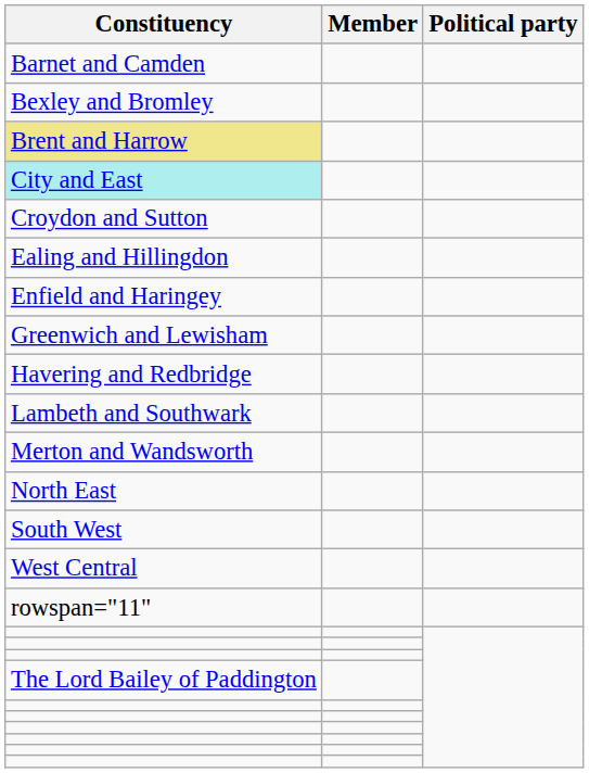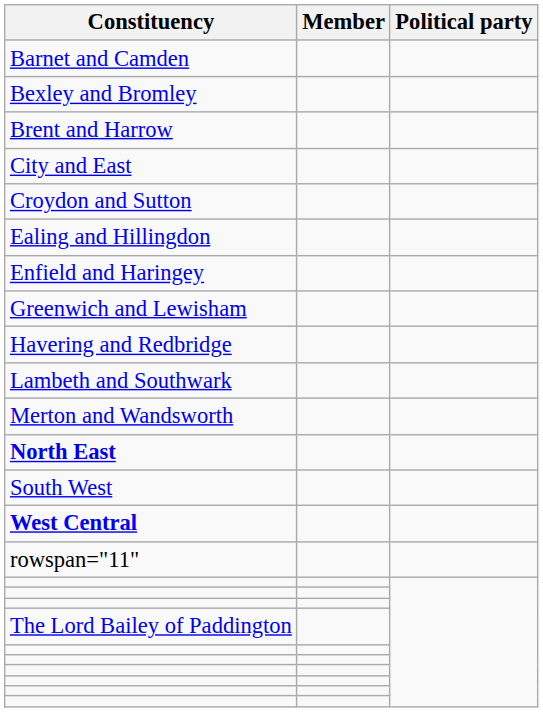 <table class="wikitable sortable">
 <tr>
 <th>Constituency</th>
 <th>Member</th>
 <th colspan="2">Political party</th>
 </tr>
 <tr>
 <td><a href='#'>Barnet and Camden</a></td>
 <td></td>
 <td></td>
 </tr>
 <tr>
 <td><a href='#'>Bexley and Bromley</a></td>
 <td></td>
 <td></td>
 </tr>
 <tr>
-<td style="background: khaki;"><a href='#'>Brent and Harrow</a></td>
+<td><a href='#'>Brent and Harrow</a></td>
 <td></td>
 <td></td>
 </tr>
 <tr>
-<td style="background: paleturquoise;"><a href='#'>City and East</a></td>
+<td><a href='#'>City and East</a></td>
 <td></td>
 <td></td>
 </tr>
 <tr>
 <td><a href='#'>Croydon and Sutton</a></td>
 <td></td>
 <td></td>
 </tr>
 <tr>
 <td><a href='#'>Ealing and Hillingdon</a></td>
 <td></td>
 <td></td>
 </tr>
 <tr>
 <td><a href='#'>Enfield and Haringey</a></td>
 <td></td>
 <td></td>
 </tr>
 <tr>
 <td><a href='#'>Greenwich and Lewisham</a></td>
 <td></td>
 <td></td>
 </tr>
 <tr>
 <td><a href='#'>Havering and Redbridge</a></td>
 <td></td>
 <td></td>
 </tr>
 <tr>
 <td><a href='#'>Lambeth and Southwark</a></td>
 <td></td>
 <td></td>
 </tr>
 <tr>
 <td><a href='#'>Merton and Wandsworth</a></td>
 <td></td>
 <td></td>
 </tr>
 <tr>
-<td><a href='#'>North East</a></td>
+<td><strong><a href='#'>North East</a></strong></td>
 <td></td>
 <td></td>
 </tr>
 <tr>
 <td><a href='#'>South West</a></td>
 <td></td>
 <td></td>
 </tr>
 <tr>
-<td><a href='#'>West Central</a></td>
+<td><strong><a href='#'>West Central</a></strong></td>
 <td></td>
 <td></td>
 </tr>
 <tr>
 <td>rowspan="11"   </td>
 <td></td>
 <td></td>
 </tr>
 <tr>
 <td></td>
 <td></td>
 </tr>
 <tr>
 <td></td>
 <td></td>
 </tr>
 <tr>
 <td></td>
 <td></td>
 </tr>
 <tr>
 <td><a href='#'>The Lord Bailey of Paddington</a></td>
 <td></td>
 </tr>
 <tr>
 <td></td>
 <td></td>
 </tr>
 <tr>
 <td></td>
 <td></td>
 </tr>
 <tr>
 <td></td>
 <td></td>
 </tr>
 <tr>
 <td></td>
 <td></td>
 </tr>
 <tr>
 <td></td>
 <td></td>
 </tr>
 <tr>
 <td></td>
 <td></td>
 </tr>
 </table>
